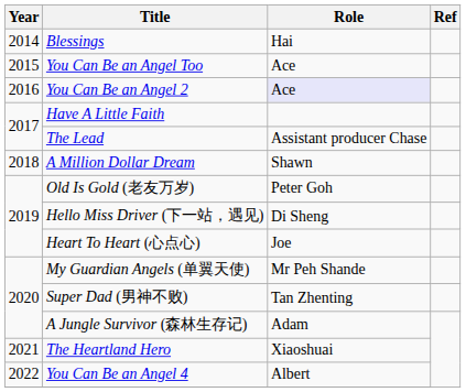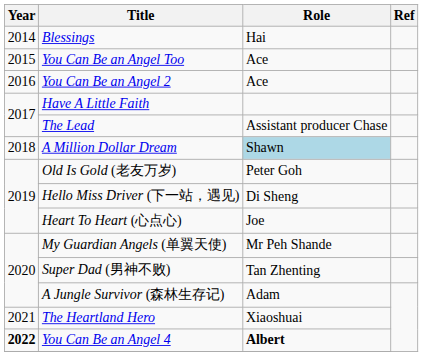 <table class="wikitable sortable">
 <tr>
 <th>Year</th>
 <th>Title</th>
 <th>Role</th>
 <th class="unsortable">Ref</th>
 </tr>
 <tr>
 <td>2014</td>
 <td><em><a href='#'>Blessings</a></em></td>
 <td>Hai</td>
 <td></td>
 </tr>
 <tr>
 <td>2015</td>
 <td><em><a href='#'>You Can Be an Angel Too</a></em></td>
 <td>Ace</td>
 <td></td>
 </tr>
 <tr>
 <td>2016</td>
 <td><em><a href='#'>You Can Be an Angel 2</a></em></td>
-<td style="background: lavender;">Ace</td>
+<td>Ace</td>
 <td></td>
 </tr>
 <tr>
 <td rowspan="2">2017</td>
 <td><em><a href='#'>Have A Little Faith</a></em></td>
 <td></td>
 <td></td>
 </tr>
 <tr>
 <td><em><a href='#'>The Lead</a></em></td>
 <td>Assistant producer Chase</td>
 <td></td>
 </tr>
 <tr>
 <td>2018</td>
 <td><em><a href='#'>A Million Dollar Dream</a></em></td>
-<td>Shawn</td>
+<td style="background: lightblue;">Shawn</td>
 <td></td>
 </tr>
 <tr>
 <td rowspan="3">2019</td>
 <td><em>Old Is Gold</em> (老友万岁)</td>
 <td>Peter Goh</td>
 <td></td>
 </tr>
 <tr>
 <td><em>Hello Miss Driver</em> (下一站，遇见)</td>
 <td>Di Sheng</td>
 <td></td>
 </tr>
 <tr>
 <td><em>Heart To Heart</em> (心点心)</td>
 <td>Joe</td>
 <td></td>
 </tr>
 <tr>
 <td rowspan="3">2020</td>
 <td><em>My Guardian Angels</em> (单翼天使)</td>
 <td>Mr Peh Shande</td>
 <td></td>
 </tr>
 <tr>
 <td><em>Super Dad</em> (男神不败)</td>
 <td>Tan Zhenting</td>
 <td></td>
 </tr>
 <tr>
 <td><em>A Jungle Survivor</em> (森林生存记)</td>
 <td>Adam</td>
 </tr>
 <tr>
 <td>2021</td>
 <td><em><a href='#'>The Heartland Hero</a></em></td>
 <td>Xiaoshuai</td>
 </tr>
 <tr>
-<td>2022</td>
+<td><strong>2022</strong></td>
 <td><em><a href='#'>You Can Be an Angel 4</a></em></td>
-<td>Albert</td>
+<td><strong>Albert</strong></td>
 </tr>
 <tr>
 </tr>
 </table>
